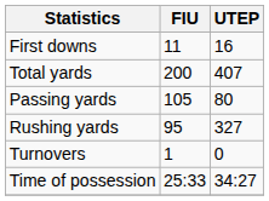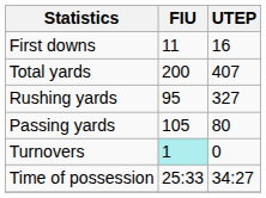 <table class="wikitable">
 <tr>
 <th>Statistics</th>
 <th>FIU</th>
 <th>UTEP</th>
 </tr>
 <tr>
 <td>First downs</td>
 <td>11</td>
 <td>16</td>
 </tr>
 <tr>
 <td>Total yards</td>
 <td>200</td>
 <td>407</td>
 </tr>
 <tr>
+<td>Rushing yards</td>
+<td>95</td>
+<td>327</td>
+</tr>
+<tr>
 <td>Passing yards</td>
 <td>105</td>
 <td>80</td>
 </tr>
 <tr>
-<td>Rushing yards</td>
-<td>95</td>
-<td>327</td>
-</tr>
-<tr>
 <td>Turnovers</td>
-<td>1</td>
+<td style="background: paleturquoise;">1</td>
 <td>0</td>
 </tr>
 <tr>
 <td>Time of possession</td>
 <td>25:33</td>
 <td>34:27</td>
 </tr>
 <tr>
 </tr>
 </table>
